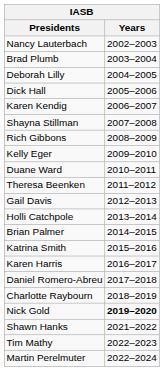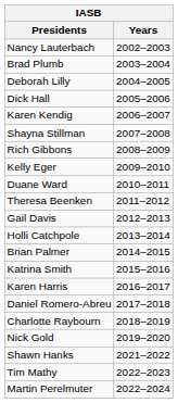 <table class="wikitable">
 <tr>
 <th colspan="2"><span>IASB</span></th>
 </tr>
 <tr>
 <th><span>Presidents</span></th>
 <th><span>Years</span></th>
 </tr>
 <tr>
 <td><span>Nancy Lauterbach</span></td>
 <td><span>2002–2003</span></td>
 </tr>
 <tr>
 <td><span>Brad Plumb</span></td>
 <td><span>2003–2004</span></td>
 </tr>
 <tr>
 <td><span>Deborah Lilly</span></td>
 <td><span>2004–2005</span></td>
 </tr>
 <tr>
 <td><span>Dick Hall</span></td>
 <td><span>2005–2006</span></td>
 </tr>
 <tr>
 <td><span>Karen Kendig</span></td>
 <td><span>2006–2007</span></td>
 </tr>
 <tr>
 <td><span>Shayna Stillman</span></td>
 <td><span>2007–2008</span></td>
 </tr>
 <tr>
 <td><span>Rich Gibbons</span></td>
 <td><span>2008–2009</span></td>
 </tr>
 <tr>
 <td><span>Kelly Eger</span></td>
 <td><span>2009–2010</span></td>
 </tr>
 <tr>
 <td><span>Duane Ward</span></td>
 <td><span>2010–2011</span></td>
 </tr>
 <tr>
 <td><span>Theresa Beenken</span></td>
 <td><span>2011–2012</span></td>
 </tr>
 <tr>
 <td><span>Gail Davis</span></td>
 <td><span>2012–2013</span></td>
 </tr>
 <tr>
 <td><span>Holli Catchpole</span></td>
 <td><span>2013–2014</span></td>
 </tr>
 <tr>
 <td><span>Brian Palmer</span></td>
 <td><span>2014–2015</span></td>
 </tr>
 <tr>
 <td><span>Katrina Smith</span></td>
 <td><span>2015–2016</span></td>
 </tr>
 <tr>
 <td><span>Karen Harris</span></td>
 <td><span>2016–2017</span></td>
 </tr>
 <tr>
 <td><span>Daniel Romero-Abreu</span></td>
 <td><span>2017–2018</span></td>
 </tr>
 <tr>
 <td><span>Charlotte Raybourn</span></td>
 <td><span>2018–2019</span></td>
 </tr>
 <tr>
 <td>Nick Gold</td>
-<td><strong><span>2019–2020</span></strong></td>
+<td><span>2019–2020</span></td>
 </tr>
 <tr>
 <td>Shawn Hanks</td>
 <td><span>2021–2022</span></td>
 </tr>
 <tr>
 <td>Tim Mathy</td>
 <td><span>2022–2023</span></td>
 </tr>
 <tr>
 <td>Martin Perelmuter</td>
 <td><span>2022–2024</span></td>
 </tr>
 </table>
